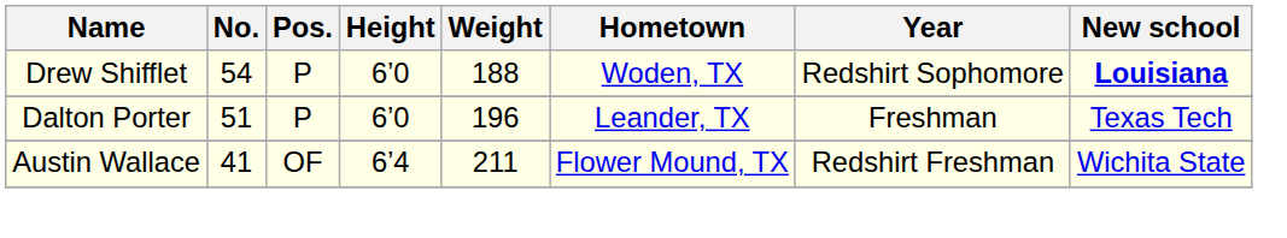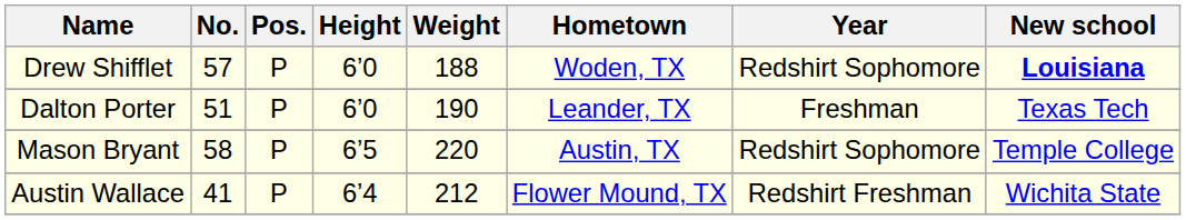 <table class="wikitable sortable">
 <tr>
 <th style="text-align:center; ">Name</th>
 <th style="text-align:center; ">No.</th>
 <th style="text-align:center; ">Pos.</th>
 <th style="text-align:center; ">Height</th>
 <th style="text-align:center; ">Weight</th>
 <th style="text-align:center; ">Hometown</th>
 <th style="text-align:center; ">Year</th>
 <th style="text-align:center; ">New school</th>
 </tr>
 <tr align="center" style="background:#FFFFE6;">
 <td>Drew Shifflet</td>
-<td>54</td>
+<td>57</td>
 <td>P</td>
 <td>6’0</td>
 <td>188</td>
 <td><a href='#'>Woden, TX</a></td>
 <td>Redshirt Sophomore</td>
 <td><strong><a href='#'>Louisiana</a></strong></td>
 </tr>
 <tr>
 </tr>
 <tr align="center" style="background:#FFFFE6;">
 <td>Dalton Porter</td>
 <td>51</td>
 <td>P</td>
 <td>6’0</td>
-<td>196</td>
+<td>190</td>
 <td><a href='#'>Leander, TX</a></td>
 <td>Freshman</td>
 <td><a href='#'>Texas Tech</a></td>
 </tr>
 <tr>
 </tr>
+<tr align="center" style="background:#FFFFE6;">
+<td>Mason Bryant</td>
+<td>58</td>
+<td>P</td>
+<td>6’5</td>
+<td>220</td>
+<td><a href='#'>Austin, TX</a></td>
+<td>Redshirt Sophomore</td>
+<td><a href='#'>Temple College</a></td>
+</tr>
 <tr>
 </tr>
 <tr align="center" style="background:#FFFFE6;">
 <td>Austin Wallace</td>
 <td>41</td>
-<td>OF</td>
+<td>P</td>
 <td>6’4</td>
-<td>211</td>
+<td>212</td>
 <td><a href='#'>Flower Mound, TX</a></td>
 <td>Redshirt Freshman</td>
 <td><a href='#'>Wichita State</a></td>
 </tr>
 <tr>
 </tr>
 </table>
